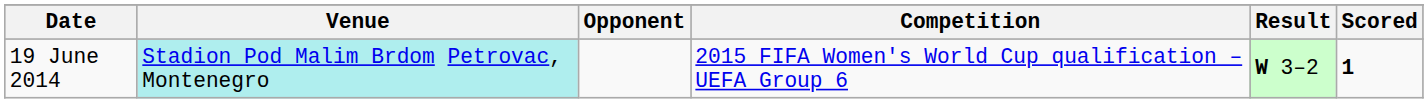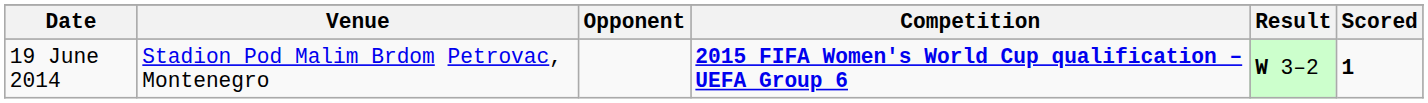 <table class=wikitable>
 <tr>
 </tr>
 <tr>
 <th>Date</th>
 <th>Venue</th>
 <th>Opponent</th>
 <th>Competition</th>
 <th>Result</th>
 <th>Scored</th>
 </tr>
 <tr>
 <td>19 June 2014</td>
-<td style="background: paleturquoise;"><a href='#'>Stadion Pod Malim Brdom</a> <a href='#'>Petrovac</a>, Montenegro</td>
+<td><a href='#'>Stadion Pod Malim Brdom</a> <a href='#'>Petrovac</a>, Montenegro</td>
 <td></td>
-<td><a href='#'>2015 FIFA Women's World Cup qualification – UEFA Group 6</a></td>
+<td><strong><a href='#'>2015 FIFA Women's World Cup qualification – UEFA Group 6</a></strong></td>
 <td bgcolor=ccffcc><strong>W</strong> 3–2</td>
 <td><strong>1</strong></td>
 </tr>
 </table>
